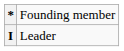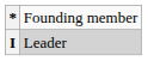 <table class="wikitable">
 <tr>
 <th>*</th>
 <td>Founding member</td>
 </tr>
 <tr>
 <th>I</th>
-<td>Leader</td>
+<td style="background: lightgrey;">Leader</td>
 </tr>
 </table>
